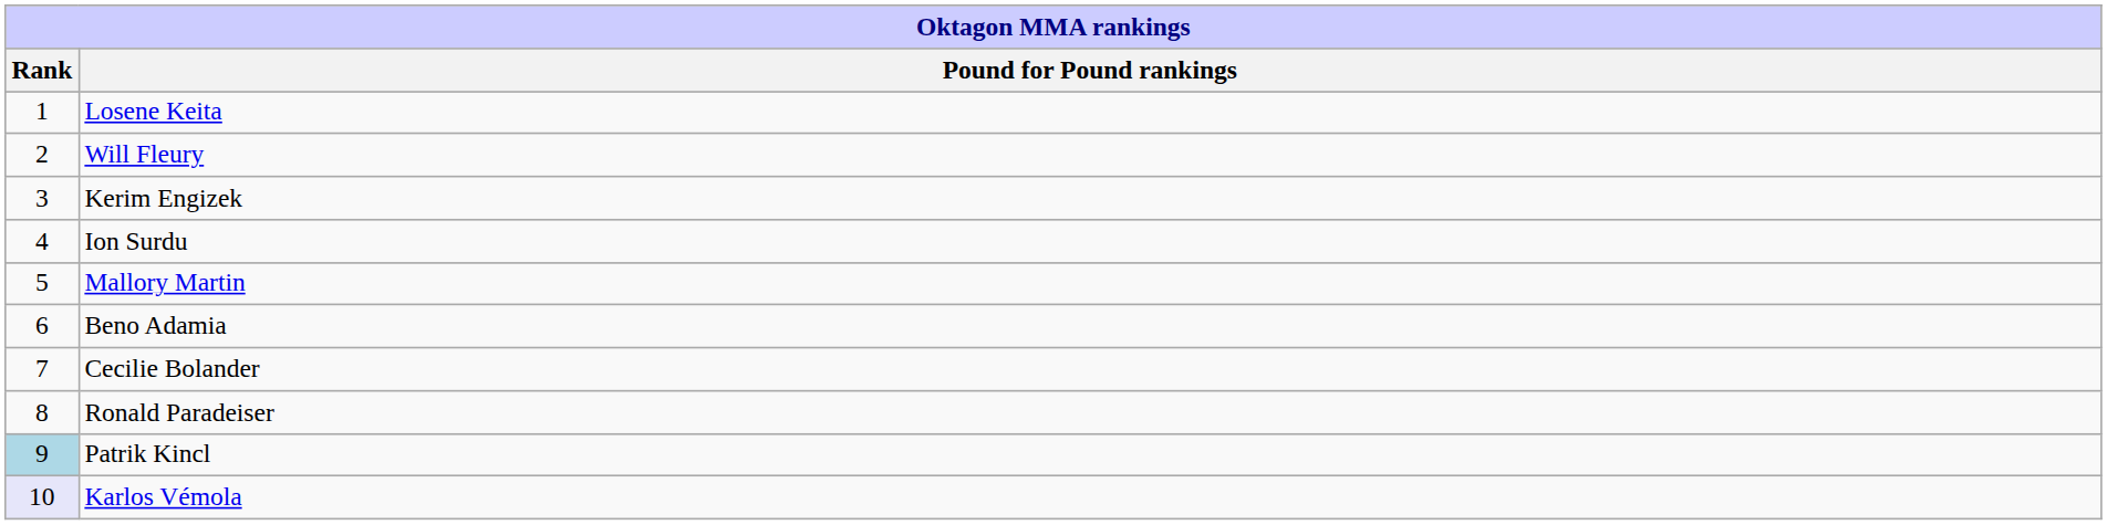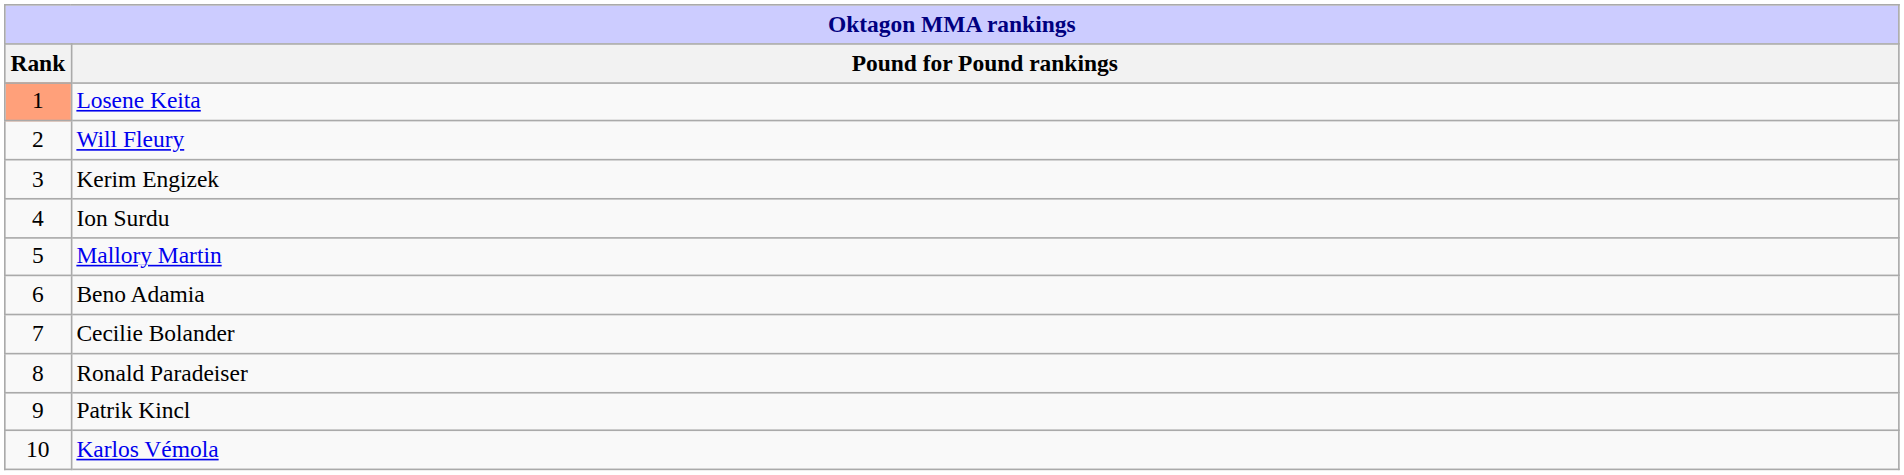 <table class="wikitable" style="width:92%; font-size:90%;">
 <tr>
 <th colspan="2" style="background-color: #ccf; color: #000080; text-align: center;"><strong>Oktagon MMA rankings</strong></th>
 </tr>
 <tr>
 <th style= "width:1%;">Rank</th>
 <th style="width:95%;">Pound for Pound rankings</th>
 </tr>
 <tr>
-<td align=center>1</td>
+<td align=center style="background: lightsalmon;">1</td>
 <td> <a href='#'>Losene Keita</a></td>
 </tr>
 <tr>
 <td align=center>2</td>
 <td> <a href='#'>Will Fleury</a></td>
 </tr>
 <tr>
 <td align=center>3</td>
 <td> Kerim Engizek</td>
 </tr>
 <tr>
 <td align=center>4</td>
 <td> Ion Surdu</td>
 </tr>
 <tr>
 <td align=center>5</td>
 <td> <a href='#'>Mallory Martin</a></td>
 </tr>
 <tr>
 <td align=center>6</td>
 <td> Beno Adamia</td>
 </tr>
 <tr>
 <td align=center>7</td>
 <td> Cecilie Bolander</td>
 </tr>
 <tr>
 <td align=center>8</td>
 <td> Ronald Paradeiser</td>
 </tr>
 <tr>
-<td align=center style="background: lightblue;">9</td>
+<td align=center>9</td>
 <td> Patrik Kincl</td>
 </tr>
 <tr>
-<td align=center style="background: lavender;">10</td>
+<td align=center>10</td>
 <td> <a href='#'>Karlos Vémola</a></td>
 </tr>
 </table>
